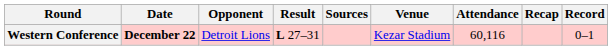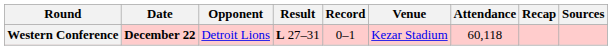 <table class="wikitable" style="text-align:center">
 <tr>
 <th>Round</th>
 <th>Date</th>
 <th>Opponent</th>
 <th>Result</th>
-<th>Sources</th>
+<th>Record</th>
 <th>Venue</th>
 <th>Attendance</th>
 <th>Recap</th>
-<th>Record</th>
+<th>Sources</th>
 </tr>
 <tr style="background:#fcc">
 <th>Western Conference</th>
 <td><strong>December 22</strong></td>
 <td><a href='#'>Detroit Lions</a></td>
 <td><strong>L</strong> 27–31</td>
+<td>0–1</td>
+<td><a href='#'>Kezar Stadium</a></td>
+<td>60,118</td>
 <td></td>
-<td><a href='#'>Kezar Stadium</a></td>
-<td>60,116</td>
 <td></td>
-<td>0–1</td>
 </tr>
 </table>
